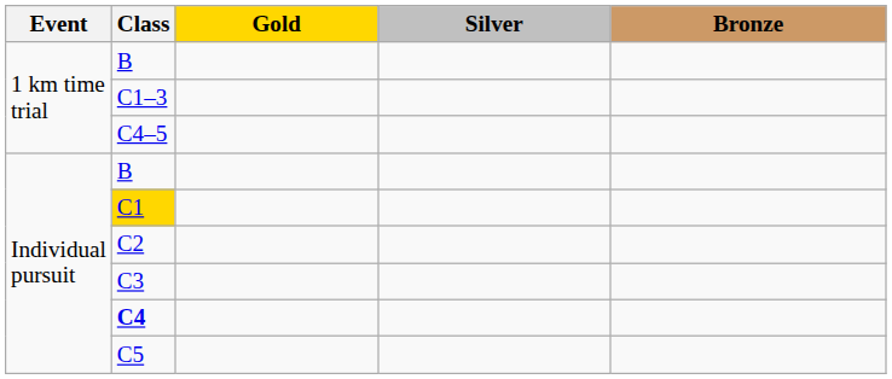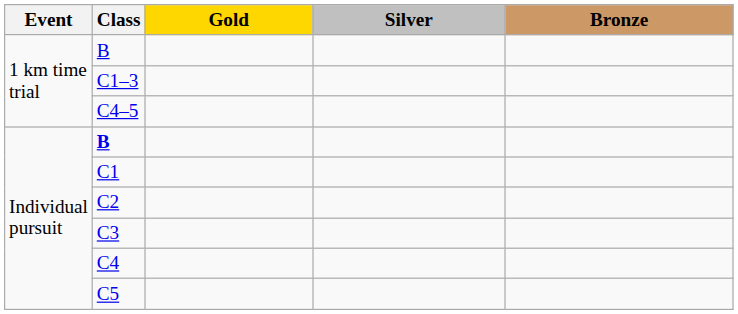 <table class=wikitable style="font-size:100%">
 <tr>
 <th rowspan="1" width="10%">Event</th>
 <th rowspan="1" width="5%">Class</th>
 <th rowspan="1" style="background:gold;">Gold</th>
 <th colspan="1" style="background:silver;">Silver</th>
 <th colspan="1" style="background:#CC9966;">Bronze</th>
 </tr>
 <tr>
 <td rowspan="3">1 km time trial<br></td>
 <td><a href='#'>B</a></td>
 <td></td>
 <td></td>
 <td></td>
 </tr>
 <tr>
 <td><a href='#'>C1–3</a></td>
 <td></td>
 <td></td>
 <td></td>
 </tr>
 <tr>
 <td><a href='#'>C4–5</a></td>
 <td></td>
 <td></td>
 <td></td>
 </tr>
 <tr>
 <td rowspan="6">Individual pursuit<br></td>
-<td><a href='#'>B</a></td>
+<td><strong><a href='#'>B</a></strong></td>
 <td></td>
 <td></td>
 <td></td>
 </tr>
 <tr>
-<td style="background: gold;"><a href='#'>C1</a></td>
+<td><a href='#'>C1</a></td>
 <td></td>
 <td></td>
 <td></td>
 </tr>
 <tr>
 <td><a href='#'>C2</a></td>
 <td></td>
 <td></td>
 <td></td>
 </tr>
 <tr>
 <td><a href='#'>C3</a></td>
 <td></td>
 <td></td>
 <td></td>
 </tr>
 <tr>
-<td><strong><a href='#'>C4</a></strong></td>
+<td><a href='#'>C4</a></td>
 <td></td>
 <td></td>
 <td></td>
 </tr>
 <tr>
 <td><a href='#'>C5</a></td>
 <td></td>
 <td></td>
 <td></td>
 </tr>
 </table>
